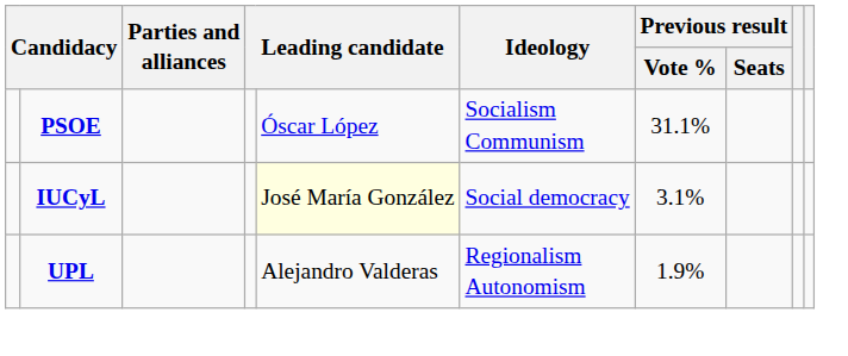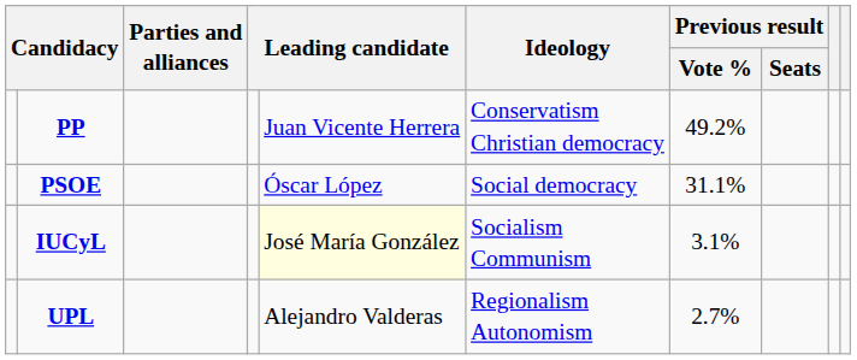 <table class="wikitable" style="line-height:1.35em; text-align:left;">
 <tr>
 <th colspan="2" rowspan="2">Candidacy</th>
 <th rowspan="2">Parties and<br>alliances</th>
 <th colspan="2" rowspan="2">Leading candidate</th>
 <th rowspan="2">Ideology</th>
 <th colspan="2">Previous result</th>
 <th rowspan="2"></th>
 <th rowspan="2"></th>
 </tr>
 <tr>
 <th>Vote %</th>
 <th>Seats</th>
 </tr>
 <tr>
+<td width="1" style="color:inherit;background:"></td>
+<td align="center"><strong><a href='#'>PP</a></strong></td>
+<td></td>
+<td></td>
+<td><a href='#'>Juan Vicente Herrera</a></td>
+<td><a href='#'>Conservatism</a><br><a href='#'>Christian democracy</a></td>
+<td align="center">49.2%</td>
+<td></td>
+<td></td>
+<td></td>
+</tr>
+<tr>
 <td style="color:inherit;background:"></td>
 <td align="center"><strong><a href='#'>PSOE</a></strong></td>
 <td></td>
 <td></td>
 <td><a href='#'>Óscar López</a></td>
-<td><a href='#'>Socialism</a><br><a href='#'>Communism</a></td>
+<td><a href='#'>Social democracy</a></td>
 <td align="center">31.1%</td>
 <td></td>
 <td></td>
 <td><br></td>
 </tr>
 <tr>
 <td style="color:inherit;background:"></td>
 <td align="center"><strong><a href='#'>IUCyL</a></strong></td>
 <td></td>
 <td></td>
 <td style="background: lightyellow;">José María González</td>
-<td><a href='#'>Social democracy</a></td>
+<td><a href='#'>Socialism</a><br><a href='#'>Communism</a></td>
 <td align="center">3.1%</td>
 <td></td>
 <td></td>
 <td><br><br></td>
 </tr>
 <tr>
 <td style="color:inherit;background:"></td>
 <td align="center"><strong><a href='#'>UPL</a></strong></td>
 <td></td>
 <td></td>
 <td>Alejandro Valderas</td>
 <td><a href='#'>Regionalism</a><br><a href='#'>Autonomism</a></td>
-<td align="center">1.9%</td>
+<td align="center">2.7%</td>
 <td></td>
 <td></td>
 <td></td>
 </tr>
 </table>
